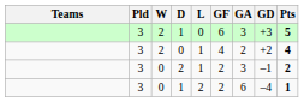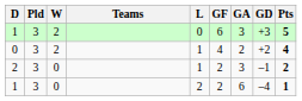 <table class="wikitable" style="text-align: center;">
 <tr>
-<th width=165>Teams</th>
+<th width=20>D</th>
 <th width=20>Pld</th>
 <th width=20>W</th>
-<th width=20>D</th>
+<th width=165>Teams</th>
 <th width=20>L</th>
 <th width=20>GF</th>
 <th width=20>GA</th>
 <th width=20>GD</th>
 <th width=20>Pts</th>
 </tr>
 <tr align=center style="background:#ccffcc;">
-<td style="text-align:left;"></td>
+<td>1</td>
 <td>3</td>
 <td>2</td>
-<td>1</td>
+<td style="text-align:left;"></td>
 <td>0</td>
 <td>6</td>
 <td>3</td>
 <td>+3</td>
 <td><strong>5</strong></td>
 </tr>
 <tr align=center>
-<td style="text-align:left;"></td>
+<td>0</td>
 <td>3</td>
 <td>2</td>
-<td>0</td>
+<td style="text-align:left;"></td>
 <td>1</td>
 <td>4</td>
 <td>2</td>
 <td>+2</td>
 <td><strong>4</strong></td>
 </tr>
 <tr align=center>
-<td style="text-align:left;"></td>
+<td>2</td>
 <td>3</td>
 <td>0</td>
-<td>2</td>
+<td style="text-align:left;"></td>
 <td>1</td>
 <td>2</td>
 <td>3</td>
 <td>–1</td>
 <td><strong>2</strong></td>
 </tr>
 <tr align=center>
-<td style="text-align:left;"></td>
+<td>1</td>
 <td>3</td>
 <td>0</td>
-<td>1</td>
+<td style="text-align:left;"></td>
 <td>2</td>
 <td>2</td>
 <td>6</td>
 <td>–4</td>
 <td><strong>1</strong></td>
 </tr>
 </table>
